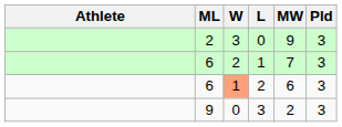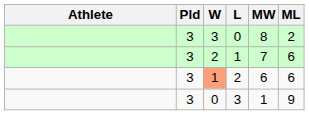 <table class="wikitable" style="text-align:center">
 <tr>
 <th width=200>Athlete</th>
-<th width=20>ML</th>
+<th width=20>Pld</th>
 <th width=20>W</th>
 <th width=20>L</th>
 <th width=20>MW</th>
-<th width=20>Pld</th>
+<th width=20>ML</th>
 </tr>
 <tr bgcolor="ccffcc">
 <td style="text-align:left"></td>
-<td>2</td>
+<td>3</td>
 <td>3</td>
 <td>0</td>
-<td>9</td>
-<td>3</td>
+<td>8</td>
+<td>2</td>
 </tr>
 <tr bgcolor="ccffcc">
 <td style="text-align:left"></td>
-<td>6</td>
+<td>3</td>
 <td>2</td>
 <td>1</td>
 <td>7</td>
-<td>3</td>
+<td>6</td>
 </tr>
 <tr>
 <td style="text-align:left"></td>
-<td>6</td>
+<td>3</td>
 <td style="background: lightsalmon;">1</td>
 <td>2</td>
 <td>6</td>
-<td>3</td>
+<td>6</td>
 </tr>
 <tr>
 <td style="text-align:left"></td>
-<td>9</td>
+<td>3</td>
 <td>0</td>
 <td>3</td>
-<td>2</td>
-<td>3</td>
+<td>1</td>
+<td>9</td>
 </tr>
 </table>
